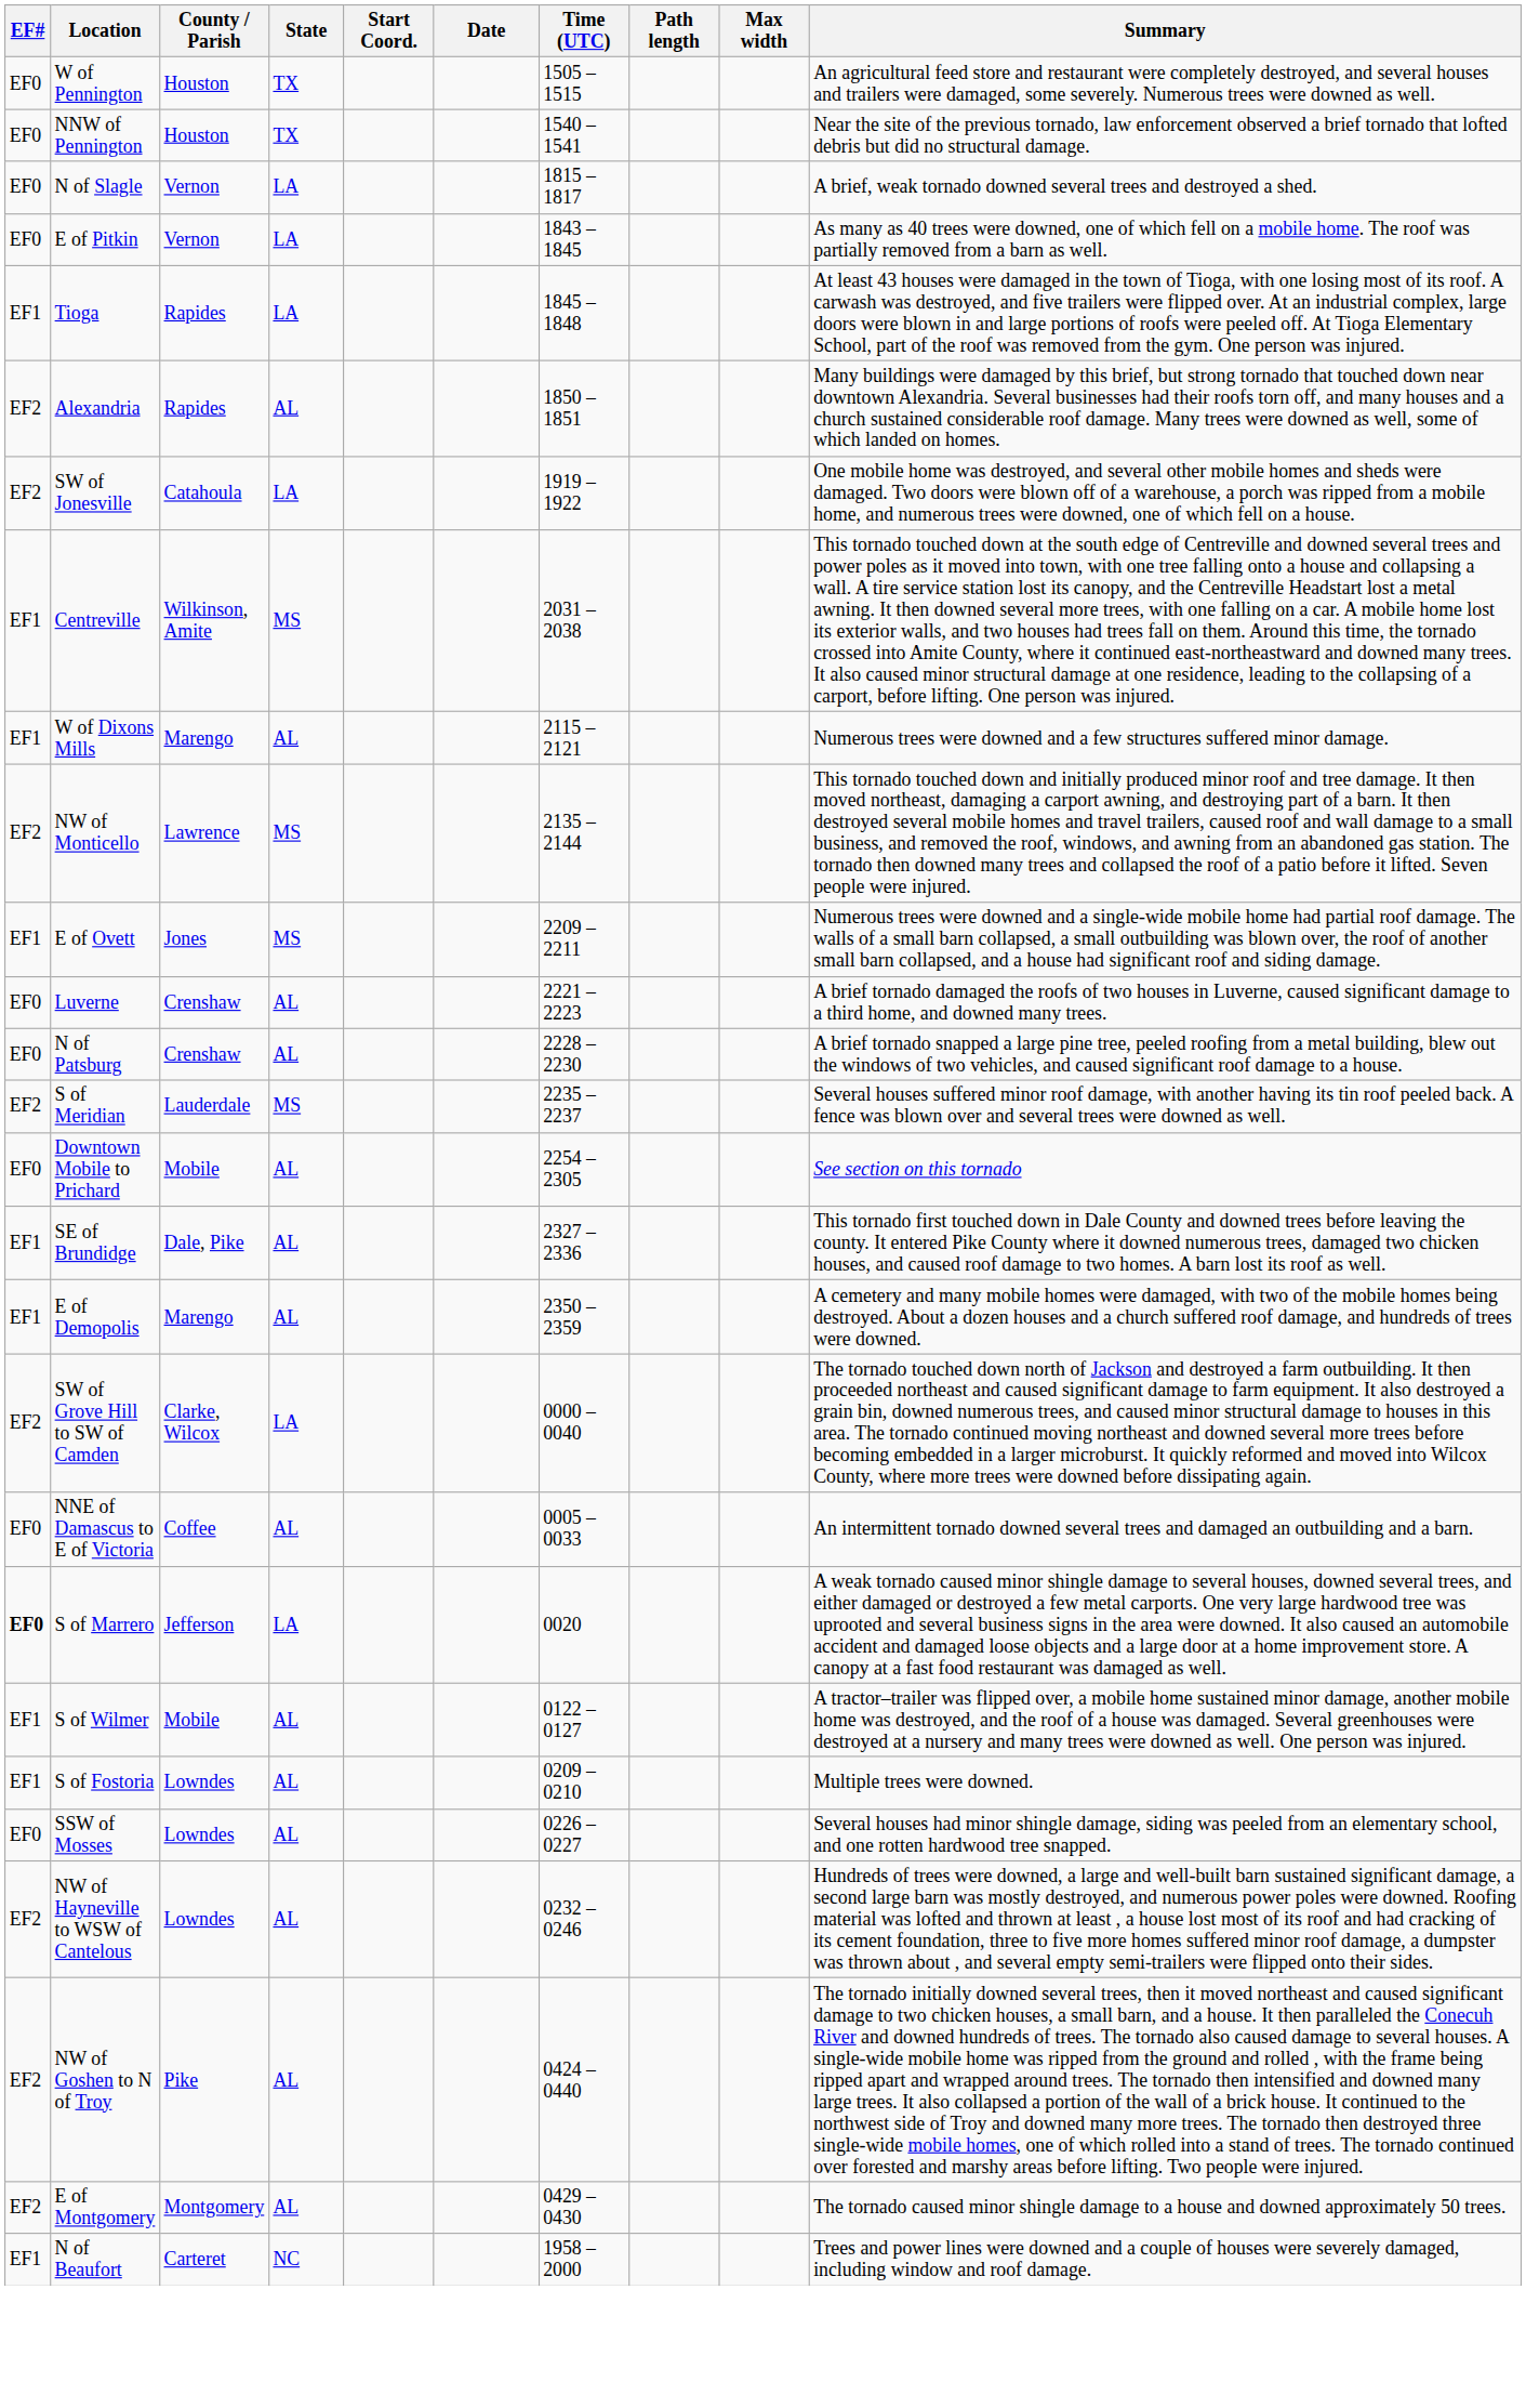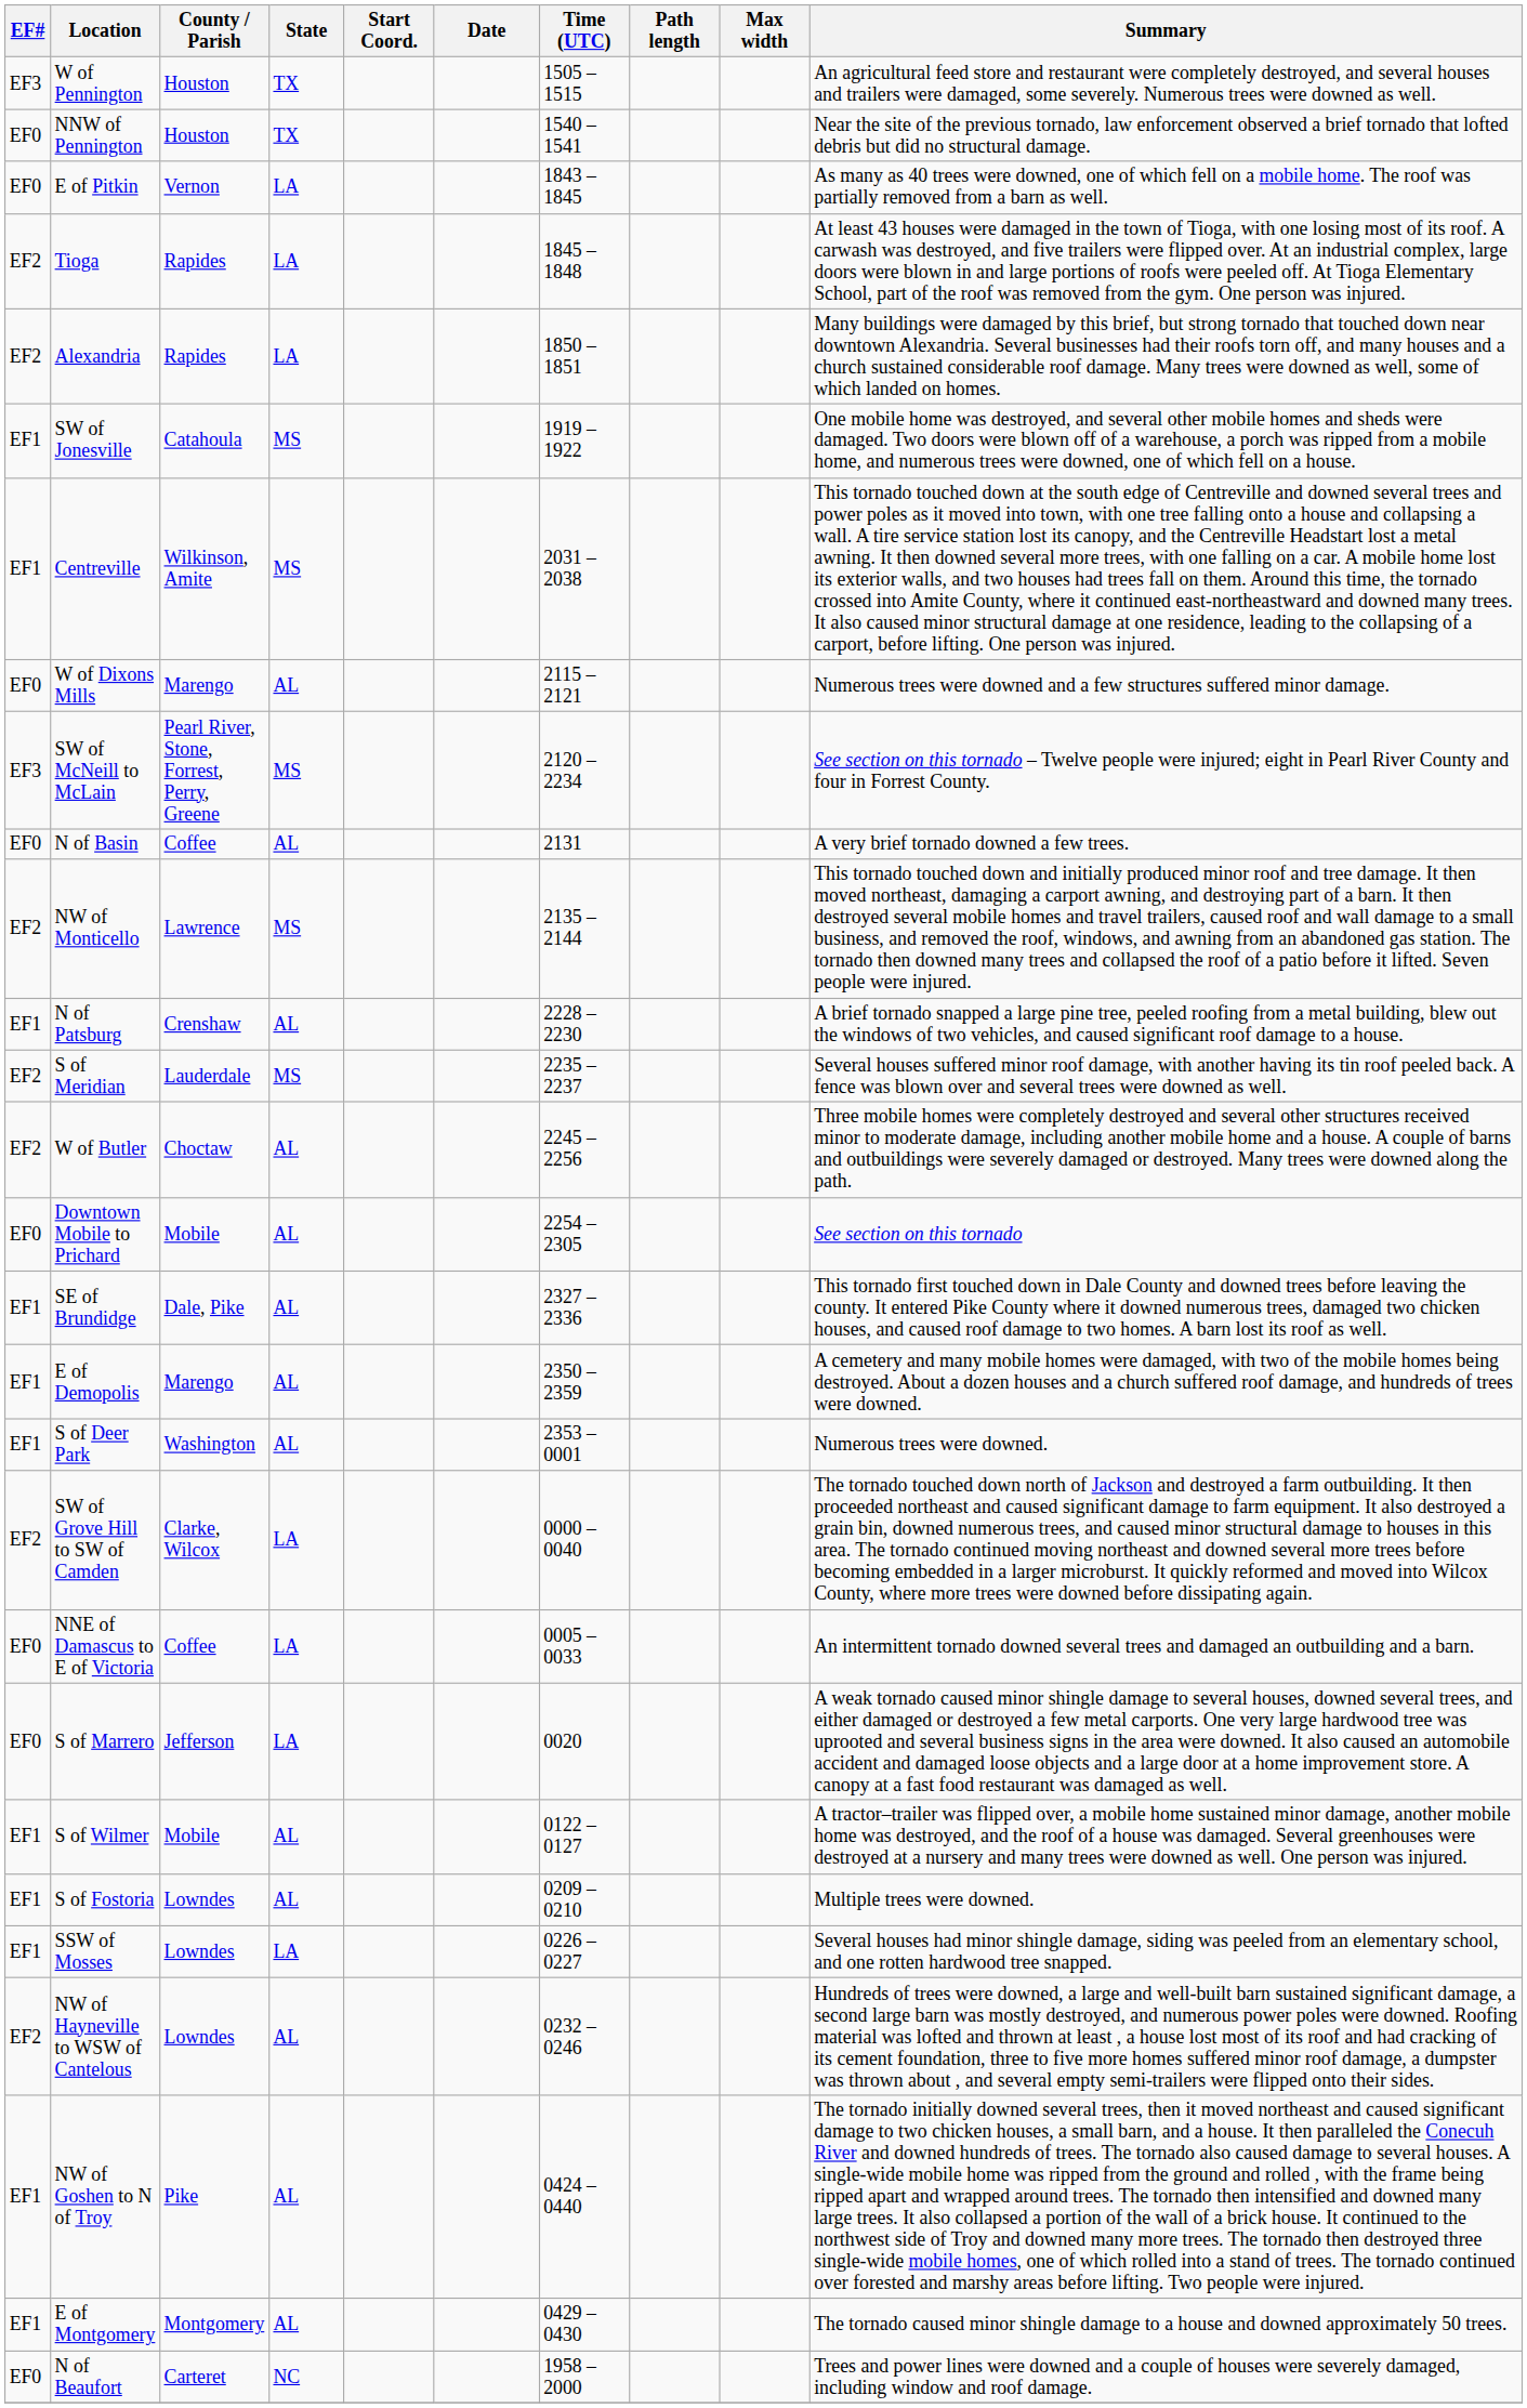 <table class="wikitable sortable" style="width:100%;">
 <tr>
 <th scope="col" width="3%" align="center"><a href='#'>EF#</a></th>
 <th scope="col" width="7%" align="center" class="unsortable">Location</th>
 <th scope="col" width="6%" align="center" class="unsortable">County / Parish</th>
 <th scope="col" width="5%" align="center">State</th>
 <th scope="col" width="6%" align="center">Start Coord.</th>
 <th scope="col" width="7%" align="center">Date</th>
 <th scope="col" width="6%" align="center">Time (<a href='#'>UTC</a>)</th>
 <th scope="col" width="6%" align="center">Path length</th>
 <th scope="col" width="6%" align="center">Max width</th>
 <th scope="col" width="48%" class="unsortable" align="center">Summary</th>
 </tr>
 <tr>
-<td>EF0</td>
+<td>EF3</td>
 <td>W of <a href='#'>Pennington</a></td>
 <td><a href='#'>Houston</a></td>
 <td><a href='#'>TX</a></td>
 <td></td>
 <td></td>
 <td>1505 – 1515</td>
 <td></td>
 <td></td>
 <td>An agricultural feed store and restaurant were completely destroyed, and several houses and trailers were damaged, some severely. Numerous trees were downed as well.</td>
 </tr>
 <tr>
 <td>EF0</td>
 <td>NNW of <a href='#'>Pennington</a></td>
 <td><a href='#'>Houston</a></td>
 <td><a href='#'>TX</a></td>
 <td></td>
 <td></td>
 <td>1540 – 1541</td>
 <td></td>
 <td></td>
 <td>Near the site of the previous tornado, law enforcement observed a brief tornado that lofted debris but did no structural damage.</td>
 </tr>
 <tr>
 <td>EF0</td>
-<td>N of <a href='#'>Slagle</a></td>
-<td><a href='#'>Vernon</a></td>
-<td><a href='#'>LA</a></td>
-<td></td>
-<td></td>
-<td>1815 – 1817</td>
-<td></td>
-<td></td>
-<td>A brief, weak tornado downed several trees and destroyed a shed.</td>
-</tr>
-<tr>
-<td>EF0</td>
 <td>E of <a href='#'>Pitkin</a></td>
 <td><a href='#'>Vernon</a></td>
 <td><a href='#'>LA</a></td>
 <td></td>
 <td></td>
 <td>1843 – 1845</td>
 <td></td>
 <td></td>
 <td>As many as 40 trees were downed, one of which fell on a <a href='#'>mobile home</a>. The roof was partially removed from a barn as well.</td>
 </tr>
 <tr>
-<td>EF1</td>
+<td>EF2</td>
 <td><a href='#'>Tioga</a></td>
 <td><a href='#'>Rapides</a></td>
 <td><a href='#'>LA</a></td>
 <td></td>
 <td></td>
 <td>1845 – 1848</td>
 <td></td>
 <td></td>
 <td>At least 43 houses were damaged in the town of Tioga, with one losing most of its roof. A carwash was destroyed, and five trailers were flipped over. At an industrial complex, large doors were blown in and large portions of roofs were peeled off. At Tioga Elementary School, part of the roof was removed from the gym. One person was injured.</td>
 </tr>
 <tr>
 <td>EF2</td>
 <td><a href='#'>Alexandria</a></td>
 <td><a href='#'>Rapides</a></td>
-<td><a href='#'>AL</a></td>
+<td><a href='#'>LA</a></td>
 <td></td>
 <td></td>
 <td>1850 – 1851</td>
 <td></td>
 <td></td>
 <td>Many buildings were damaged by this brief, but strong tornado that touched down near downtown Alexandria. Several businesses had their roofs torn off, and many houses and a church sustained considerable roof damage. Many trees were downed as well, some of which landed on homes.</td>
 </tr>
 <tr>
-<td>EF2</td>
+<td>EF1</td>
 <td>SW of <a href='#'>Jonesville</a></td>
 <td><a href='#'>Catahoula</a></td>
-<td><a href='#'>LA</a></td>
+<td><a href='#'>MS</a></td>
 <td></td>
 <td></td>
 <td>1919 – 1922</td>
 <td></td>
 <td></td>
 <td>One mobile home was destroyed, and several other mobile homes and sheds were damaged. Two doors were blown off of a warehouse, a porch was ripped from a mobile home, and numerous trees were downed, one of which fell on a house.</td>
 </tr>
 <tr>
 <td>EF1</td>
 <td><a href='#'>Centreville</a></td>
 <td><a href='#'>Wilkinson</a>, <a href='#'>Amite</a></td>
 <td><a href='#'>MS</a></td>
 <td></td>
 <td></td>
 <td>2031 – 2038</td>
 <td></td>
 <td></td>
 <td>This tornado touched down at the south edge of Centreville and downed several trees and power poles as it moved into town, with one tree falling onto a house and collapsing a wall. A tire service station lost its canopy, and the Centreville Headstart lost a metal awning. It then downed several more trees, with one falling on a car. A mobile home lost its exterior walls, and two houses had trees fall on them. Around this time, the tornado crossed into Amite County, where it continued east-northeastward and downed many trees. It also caused minor structural damage at one residence, leading to the collapsing of a carport, before lifting. One person was injured.</td>
 </tr>
 <tr>
-<td>EF1</td>
+<td>EF0</td>
 <td>W of <a href='#'>Dixons Mills</a></td>
 <td><a href='#'>Marengo</a></td>
 <td><a href='#'>AL</a></td>
 <td></td>
 <td></td>
 <td>2115 – 2121</td>
 <td></td>
 <td></td>
 <td>Numerous trees were downed and a few structures suffered minor damage.</td>
+</tr>
+<tr>
+<td>EF3</td>
+<td>SW of <a href='#'>McNeill</a> to <a href='#'>McLain</a></td>
+<td><a href='#'>Pearl River</a>, <a href='#'>Stone</a>, <a href='#'>Forrest</a>, <a href='#'>Perry</a>, <a href='#'>Greene</a></td>
+<td><a href='#'>MS</a></td>
+<td></td>
+<td></td>
+<td>2120 – 2234</td>
+<td></td>
+<td></td>
+<td><em><a href='#'>See section on this tornado</a></em> – Twelve people were injured; eight in Pearl River County and four in Forrest County.</td>
+</tr>
+<tr>
+<td>EF0</td>
+<td>N of <a href='#'>Basin</a></td>
+<td><a href='#'>Coffee</a></td>
+<td><a href='#'>AL</a></td>
+<td></td>
+<td></td>
+<td>2131</td>
+<td></td>
+<td></td>
+<td>A very brief tornado downed a few trees.</td>
 </tr>
 <tr>
 <td>EF2</td>
 <td>NW of <a href='#'>Monticello</a></td>
 <td><a href='#'>Lawrence</a></td>
 <td><a href='#'>MS</a></td>
 <td></td>
 <td></td>
 <td>2135 – 2144</td>
 <td></td>
 <td></td>
 <td>This tornado touched down and initially produced minor roof and tree damage. It then moved northeast, damaging a carport awning, and destroying part of a barn. It then destroyed several mobile homes and travel trailers, caused roof and wall damage to a small business, and removed the roof, windows, and awning from an abandoned gas station. The tornado then downed many trees and collapsed the roof of a patio before it lifted. Seven people were injured.</td>
 </tr>
 <tr>
 <td>EF1</td>
-<td>E of <a href='#'>Ovett</a></td>
-<td><a href='#'>Jones</a></td>
-<td><a href='#'>MS</a></td>
-<td></td>
-<td></td>
-<td>2209 – 2211</td>
-<td></td>
-<td></td>
-<td>Numerous trees were downed and a single-wide mobile home had partial roof damage. The walls of a small barn collapsed, a small outbuilding was blown over, the roof of another small barn collapsed, and a house had significant roof and siding damage.</td>
-</tr>
-<tr>
-<td>EF0</td>
-<td><a href='#'>Luverne</a></td>
-<td><a href='#'>Crenshaw</a></td>
-<td><a href='#'>AL</a></td>
-<td></td>
-<td></td>
-<td>2221 – 2223</td>
-<td></td>
-<td></td>
-<td>A brief tornado damaged the roofs of two houses in Luverne, caused significant damage to a third home, and downed many trees.</td>
-</tr>
-<tr>
-<td>EF0</td>
 <td>N of <a href='#'>Patsburg</a></td>
 <td><a href='#'>Crenshaw</a></td>
 <td><a href='#'>AL</a></td>
 <td></td>
 <td></td>
 <td>2228 – 2230</td>
 <td></td>
 <td></td>
 <td>A brief tornado snapped a large pine tree, peeled roofing from a metal building, blew out the windows of two vehicles, and caused significant roof damage to a house.</td>
 </tr>
 <tr>
 <td>EF2</td>
 <td>S of <a href='#'>Meridian</a></td>
 <td><a href='#'>Lauderdale</a></td>
 <td><a href='#'>MS</a></td>
 <td></td>
 <td></td>
 <td>2235 – 2237</td>
 <td></td>
 <td></td>
 <td>Several houses suffered minor roof damage, with another having its tin roof peeled back. A fence was blown over and several trees were downed as well.</td>
+</tr>
+<tr>
+<td>EF2</td>
+<td>W of <a href='#'>Butler</a></td>
+<td><a href='#'>Choctaw</a></td>
+<td><a href='#'>AL</a></td>
+<td></td>
+<td></td>
+<td>2245 – 2256</td>
+<td></td>
+<td></td>
+<td>Three mobile homes were completely destroyed and several other structures received minor to moderate damage, including another mobile home and a house. A couple of barns and outbuildings were severely damaged or destroyed. Many trees were downed along the path.</td>
 </tr>
 <tr>
 <td>EF0</td>
 <td><a href='#'>Downtown Mobile</a> to <a href='#'>Prichard</a></td>
 <td><a href='#'>Mobile</a></td>
 <td><a href='#'>AL</a></td>
 <td></td>
 <td></td>
 <td>2254 – 2305</td>
 <td></td>
 <td></td>
 <td><em><a href='#'>See section on this tornado</a></em></td>
 </tr>
 <tr>
 <td>EF1</td>
 <td>SE of <a href='#'>Brundidge</a></td>
 <td><a href='#'>Dale</a>, <a href='#'>Pike</a></td>
 <td><a href='#'>AL</a></td>
 <td></td>
 <td></td>
 <td>2327 – 2336</td>
 <td></td>
 <td></td>
 <td>This tornado first touched down in Dale County and downed trees before leaving the county. It entered Pike County where it downed numerous trees, damaged two chicken houses, and caused roof damage to two homes. A barn lost its roof as well.</td>
 </tr>
 <tr>
 <td>EF1</td>
 <td>E of <a href='#'>Demopolis</a></td>
 <td><a href='#'>Marengo</a></td>
 <td><a href='#'>AL</a></td>
 <td></td>
 <td></td>
 <td>2350 – 2359</td>
 <td></td>
 <td></td>
 <td>A cemetery and many mobile homes were damaged, with two of the mobile homes being destroyed. About a dozen houses and a church suffered roof damage, and hundreds of trees were downed.</td>
 </tr>
 <tr>
+<td>EF1</td>
+<td>S of <a href='#'>Deer Park</a></td>
+<td><a href='#'>Washington</a></td>
+<td><a href='#'>AL</a></td>
+<td></td>
+<td></td>
+<td>2353 – 0001</td>
+<td></td>
+<td></td>
+<td>Numerous trees were downed.</td>
+</tr>
+<tr>
 <td>EF2</td>
 <td>SW of <a href='#'>Grove Hill</a> to SW of <a href='#'>Camden</a></td>
 <td><a href='#'>Clarke</a>, <a href='#'>Wilcox</a></td>
 <td><a href='#'>LA</a></td>
 <td></td>
 <td></td>
 <td>0000 – 0040</td>
 <td></td>
 <td></td>
 <td>The tornado touched down north of <a href='#'>Jackson</a> and destroyed a farm outbuilding. It then proceeded northeast and caused significant damage to farm equipment. It also destroyed a grain bin, downed numerous trees, and caused minor structural damage to houses in this area. The tornado continued moving northeast and downed several more trees before becoming embedded in a larger microburst. It quickly reformed and moved into Wilcox County, where more trees were downed before dissipating again.</td>
 </tr>
 <tr>
 <td>EF0</td>
 <td>NNE of <a href='#'>Damascus</a> to E of <a href='#'>Victoria</a></td>
 <td><a href='#'>Coffee</a></td>
-<td><a href='#'>AL</a></td>
+<td><a href='#'>LA</a></td>
 <td></td>
 <td></td>
 <td>0005 – 0033</td>
 <td></td>
 <td></td>
 <td>An intermittent tornado downed several trees and damaged an outbuilding and a barn.</td>
 </tr>
 <tr>
-<td><strong>EF0</strong></td>
+<td>EF0</td>
 <td>S of <a href='#'>Marrero</a></td>
 <td><a href='#'>Jefferson</a></td>
 <td><a href='#'>LA</a></td>
 <td></td>
 <td></td>
 <td>0020</td>
 <td></td>
 <td></td>
 <td>A weak tornado caused minor shingle damage to several houses, downed several trees, and either damaged or destroyed a few metal carports. One very large hardwood tree was uprooted and several business signs in the area were downed. It also caused an automobile accident and damaged loose objects and a large door at a home improvement store. A canopy at a fast food restaurant was damaged as well.</td>
 </tr>
 <tr>
 <td>EF1</td>
 <td>S of <a href='#'>Wilmer</a></td>
 <td><a href='#'>Mobile</a></td>
 <td><a href='#'>AL</a></td>
 <td></td>
 <td></td>
 <td>0122 – 0127</td>
 <td></td>
 <td></td>
 <td>A tractor–trailer was flipped over, a mobile home sustained minor damage, another mobile home was destroyed, and the roof of a house was damaged. Several greenhouses were destroyed at a nursery and many trees were downed as well. One person was injured.</td>
 </tr>
 <tr>
 <td>EF1</td>
 <td>S of <a href='#'>Fostoria</a></td>
 <td><a href='#'>Lowndes</a></td>
 <td><a href='#'>AL</a></td>
 <td></td>
 <td></td>
 <td>0209 – 0210</td>
 <td></td>
 <td></td>
 <td>Multiple trees were downed.</td>
 </tr>
 <tr>
-<td>EF0</td>
+<td>EF1</td>
 <td>SSW of <a href='#'>Mosses</a></td>
 <td><a href='#'>Lowndes</a></td>
-<td><a href='#'>AL</a></td>
+<td><a href='#'>LA</a></td>
 <td></td>
 <td></td>
 <td>0226 – 0227</td>
 <td></td>
 <td></td>
 <td>Several houses had minor shingle damage, siding was peeled from an elementary school, and one rotten hardwood tree snapped.</td>
 </tr>
 <tr>
 <td>EF2</td>
 <td>NW of <a href='#'>Hayneville</a> to WSW of <a href='#'>Cantelous</a></td>
 <td><a href='#'>Lowndes</a></td>
 <td><a href='#'>AL</a></td>
 <td></td>
 <td></td>
 <td>0232 – 0246</td>
 <td></td>
 <td></td>
 <td>Hundreds of trees were downed, a large and well-built barn sustained significant damage, a second large barn was mostly destroyed, and numerous power poles were downed. Roofing material was lofted and thrown at least , a house lost most of its roof and had cracking of its cement foundation, three to five more homes suffered minor roof damage, a dumpster was thrown about , and several empty semi-trailers were flipped onto their sides.</td>
 </tr>
 <tr>
-<td>EF2</td>
+<td>EF1</td>
 <td>NW of <a href='#'>Goshen</a> to N of <a href='#'>Troy</a></td>
 <td><a href='#'>Pike</a></td>
 <td><a href='#'>AL</a></td>
 <td></td>
 <td></td>
 <td>0424 – 0440</td>
 <td></td>
 <td></td>
 <td>The tornado initially downed several trees, then it moved northeast and caused significant damage to two chicken houses, a small barn, and a house. It then paralleled the <a href='#'>Conecuh River</a> and downed hundreds of trees. The tornado also caused damage to several houses. A single-wide mobile home was ripped from the ground and rolled , with the frame being ripped apart and wrapped around trees. The tornado then intensified and downed many large trees. It also collapsed a portion of the wall of a brick house. It continued to the northwest side of Troy and downed many more trees. The tornado then destroyed three single-wide <a href='#'>mobile homes</a>, one of which rolled into a stand of trees. The tornado continued over forested and marshy areas before lifting. Two people were injured.</td>
 </tr>
 <tr>
-<td>EF2</td>
+<td>EF1</td>
 <td>E of <a href='#'>Montgomery</a></td>
 <td><a href='#'>Montgomery</a></td>
 <td><a href='#'>AL</a></td>
 <td></td>
 <td></td>
 <td>0429 – 0430</td>
 <td></td>
 <td></td>
 <td>The tornado caused minor shingle damage to a house and downed approximately 50 trees.</td>
 </tr>
 <tr>
-<td>EF1</td>
+<td>EF0</td>
 <td>N of <a href='#'>Beaufort</a></td>
 <td><a href='#'>Carteret</a></td>
 <td><a href='#'>NC</a></td>
 <td></td>
 <td></td>
 <td>1958 – 2000</td>
 <td></td>
 <td></td>
 <td>Trees and power lines were downed and a couple of houses were severely damaged, including window and roof damage.</td>
 </tr>
 <tr>
 </tr>
 </table>
